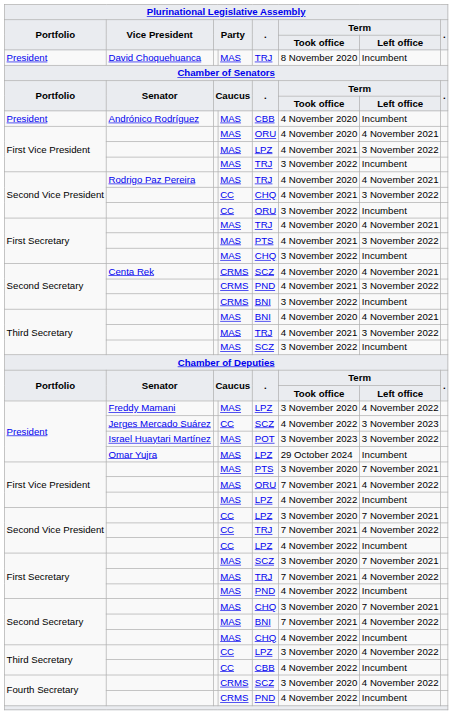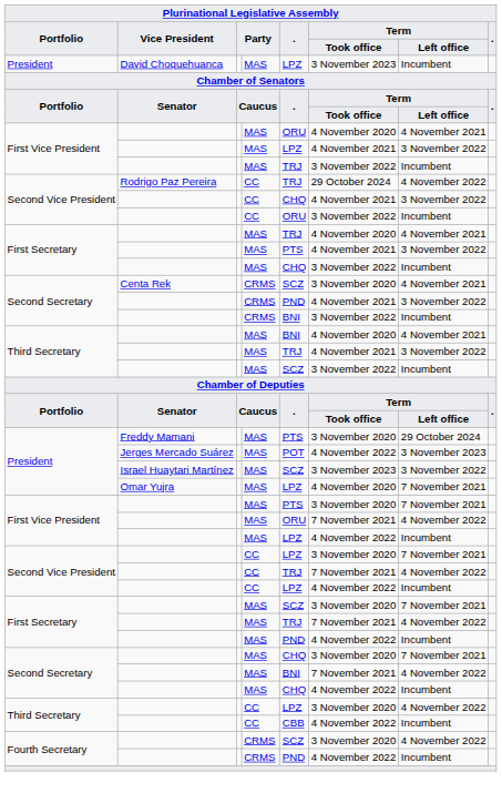 <table class="wikitable" style="font-size: 90%;">
 <tr>
 <th colspan="8" style="background-color:#EAECF0;"><a href='#'>Plurinational Legislative Assembly</a></th>
 </tr>
 <tr>
 <th rowspan="2" style="background-color:#EAECF0;">Portfolio</th>
 <th rowspan="2" style="background-color:#EAECF0;">Vice President</th>
 <th colspan="2" rowspan="2" style="background-color:#EAECF0;">Party</th>
 <th rowspan="2" style="background-color:#EAECF0;">.</th>
 <th colspan="2" style="background-color:#EAECF0;">Term</th>
 <th rowspan="2" style="background-color:#EAECF0;">.</th>
 </tr>
 <tr>
 <th style="background-color:#EAECF0;">Took office</th>
 <th style="background-color:#EAECF0;">Left office</th>
 </tr>
 <tr>
 <td><a href='#'>President</a></td>
 <td><a href='#'>David Choquehuanca</a></td>
 <td style="background-color:"></td>
 <td><a href='#'>MAS</a></td>
-<td><a href='#'>TRJ</a></td>
-<td>8 November 2020</td>
+<td><a href='#'>LPZ</a></td>
+<td>3 November 2023</td>
 <td>Incumbent</td>
 <td></td>
 </tr>
 <tr>
 <th colspan="8" style="background-color:#EAECF0;"><a href='#'>Chamber of Senators</a></th>
 </tr>
 <tr>
 <th rowspan="2" style="background-color:#EAECF0;">Portfolio</th>
 <th rowspan="2" style="background-color:#EAECF0;">Senator</th>
 <th colspan="2" rowspan="2" style="background-color:#EAECF0;">Caucus</th>
 <th rowspan="2" style="background-color:#EAECF0;">.</th>
 <th colspan="2" style="background-color:#EAECF0;">Term</th>
 <th rowspan="2" style="background-color:#EAECF0;">.</th>
 </tr>
 <tr>
 <th style="background-color:#EAECF0;">Took office</th>
 <th style="background-color:#EAECF0;">Left office</th>
-</tr>
-<tr>
-<td><a href='#'>President</a></td>
-<td><a href='#'>Andrónico Rodríguez</a></td>
-<td style="background-color:"></td>
-<td><a href='#'>MAS</a></td>
-<td><a href='#'>CBB</a></td>
-<td>4 November 2020</td>
-<td>Incumbent</td>
-<td></td>
 </tr>
 <tr>
 <td rowspan="3">First Vice President</td>
 <td></td>
 <td style="background-color:"></td>
 <td><a href='#'>MAS</a></td>
 <td><a href='#'>ORU</a></td>
 <td>4 November 2020</td>
 <td>4 November 2021</td>
 <td></td>
 </tr>
 <tr>
 <td></td>
 <td style="background-color:"></td>
 <td><a href='#'>MAS</a></td>
 <td><a href='#'>LPZ</a></td>
 <td>4 November 2021</td>
 <td>3 November 2022</td>
 <td></td>
 </tr>
 <tr>
 <td></td>
 <td style="background-color:"></td>
 <td><a href='#'>MAS</a></td>
 <td><a href='#'>TRJ</a></td>
 <td>3 November 2022</td>
 <td>Incumbent</td>
 <td></td>
 </tr>
 <tr>
 <td rowspan="3">Second Vice President</td>
 <td><a href='#'>Rodrigo Paz Pereira</a></td>
 <td style="background-color:"></td>
-<td><a href='#'>MAS</a></td>
+<td><a href='#'>CC</a></td>
 <td><a href='#'>TRJ</a></td>
-<td>4 November 2020</td>
-<td>4 November 2021</td>
+<td>29 October 2024</td>
+<td>4 November 2022</td>
 <td></td>
 </tr>
 <tr>
 <td></td>
 <td style="background-color:"></td>
 <td><a href='#'>CC</a></td>
 <td><a href='#'>CHQ</a></td>
 <td>4 November 2021</td>
 <td>3 November 2022</td>
 <td></td>
 </tr>
 <tr>
 <td></td>
 <td style="background-color:"></td>
 <td><a href='#'>CC</a></td>
 <td><a href='#'>ORU</a></td>
 <td>3 November 2022</td>
 <td>Incumbent</td>
 <td></td>
 </tr>
 <tr>
 <td rowspan="3">First Secretary</td>
 <td></td>
 <td style="background-color:"></td>
 <td><a href='#'>MAS</a></td>
 <td><a href='#'>TRJ</a></td>
 <td>4 November 2020</td>
 <td>4 November 2021</td>
 <td></td>
 </tr>
 <tr>
 <td></td>
 <td style="background-color:"></td>
 <td><a href='#'>MAS</a></td>
 <td><a href='#'>PTS</a></td>
 <td>4 November 2021</td>
 <td>3 November 2022</td>
 <td></td>
 </tr>
 <tr>
 <td></td>
 <td style="background-color:"></td>
 <td><a href='#'>MAS</a></td>
 <td><a href='#'>CHQ</a></td>
 <td>3 November 2022</td>
 <td>Incumbent</td>
 <td></td>
 </tr>
 <tr>
 <td rowspan="3">Second Secretary</td>
 <td><a href='#'>Centa Rek</a></td>
 <td style="background-color:"></td>
 <td><a href='#'>CRMS</a></td>
 <td><a href='#'>SCZ</a></td>
-<td>4 November 2020</td>
+<td>3 November 2020</td>
 <td>4 November 2021</td>
 <td></td>
 </tr>
 <tr>
 <td></td>
 <td style="background-color:"></td>
 <td><a href='#'>CRMS</a></td>
 <td><a href='#'>PND</a></td>
 <td>4 November 2021</td>
 <td>3 November 2022</td>
 <td></td>
 </tr>
 <tr>
 <td></td>
 <td style="background-color:"></td>
 <td><a href='#'>CRMS</a></td>
 <td><a href='#'>BNI</a></td>
 <td>3 November 2022</td>
 <td>Incumbent</td>
 <td></td>
 </tr>
 <tr>
 <td rowspan="3">Third Secretary</td>
 <td></td>
 <td style="background-color:"></td>
 <td><a href='#'>MAS</a></td>
 <td><a href='#'>BNI</a></td>
 <td>4 November 2020</td>
 <td>4 November 2021</td>
 <td></td>
 </tr>
 <tr>
 <td></td>
 <td style="background-color:"></td>
 <td><a href='#'>MAS</a></td>
 <td><a href='#'>TRJ</a></td>
 <td>4 November 2021</td>
 <td>3 November 2022</td>
 <td></td>
 </tr>
 <tr>
 <td></td>
 <td style="background-color:"></td>
 <td><a href='#'>MAS</a></td>
 <td><a href='#'>SCZ</a></td>
 <td>3 November 2022</td>
 <td>Incumbent</td>
 <td></td>
 </tr>
 <tr>
 <th colspan="8" style="background-color:#EAECF0;"><a href='#'>Chamber of Deputies</a></th>
 </tr>
 <tr>
 <th rowspan="2" style="background-color:#EAECF0;">Portfolio</th>
 <th rowspan="2" style="background-color:#EAECF0;">Senator</th>
 <th colspan="2" rowspan="2" style="background-color:#EAECF0;">Caucus</th>
 <th rowspan="2" style="background-color:#EAECF0;">.</th>
 <th colspan="2" style="background-color:#EAECF0;">Term</th>
 <th rowspan="2" style="background-color:#EAECF0;">.</th>
 </tr>
 <tr>
 <th style="background-color:#EAECF0;">Took office</th>
 <th style="background-color:#EAECF0;">Left office</th>
 </tr>
 <tr>
 <td rowspan="4"><a href='#'>President</a></td>
 <td><a href='#'>Freddy Mamani</a></td>
 <td style="background-color:"></td>
 <td><a href='#'>MAS</a></td>
-<td><a href='#'>LPZ</a></td>
+<td><a href='#'>PTS</a></td>
 <td>3 November 2020</td>
-<td>4 November 2022</td>
+<td>29 October 2024</td>
 <td></td>
 </tr>
 <tr>
 <td><a href='#'>Jerges Mercado Suárez</a></td>
 <td style="background-color:"></td>
-<td><a href='#'>CC</a></td>
-<td><a href='#'>SCZ</a></td>
+<td><a href='#'>MAS</a></td>
+<td><a href='#'>POT</a></td>
 <td>4 November 2022</td>
 <td>3 November 2023</td>
 <td></td>
 </tr>
 <tr>
 <td><a href='#'>Israel Huaytari Martínez</a></td>
 <td style="background-color:"></td>
 <td><a href='#'>MAS</a></td>
-<td><a href='#'>POT</a></td>
+<td><a href='#'>SCZ</a></td>
 <td>3 November 2023</td>
 <td>3 November 2022</td>
 <td></td>
 </tr>
 <tr>
 <td><a href='#'>Omar Yujra</a></td>
 <td style="background-color:"></td>
 <td><a href='#'>MAS</a></td>
 <td><a href='#'>LPZ</a></td>
-<td>29 October 2024</td>
-<td>Incumbent</td>
+<td>4 November 2020</td>
+<td>7 November 2021</td>
 <td></td>
 </tr>
 <tr>
 <td rowspan="3">First Vice President</td>
 <td></td>
 <td style="background-color:"></td>
 <td><a href='#'>MAS</a></td>
 <td><a href='#'>PTS</a></td>
 <td>3 November 2020</td>
 <td>7 November 2021</td>
 <td></td>
 </tr>
 <tr>
 <td></td>
 <td style="background-color:"></td>
 <td><a href='#'>MAS</a></td>
 <td><a href='#'>ORU</a></td>
 <td>7 November 2021</td>
 <td>4 November 2022</td>
 <td></td>
 </tr>
 <tr>
 <td></td>
 <td style="background-color:"></td>
 <td><a href='#'>MAS</a></td>
 <td><a href='#'>LPZ</a></td>
 <td>4 November 2022</td>
 <td>Incumbent</td>
 <td></td>
 </tr>
 <tr>
 <td rowspan="3">Second Vice President</td>
 <td></td>
 <td style="background-color:"></td>
 <td><a href='#'>CC</a></td>
 <td><a href='#'>LPZ</a></td>
 <td>3 November 2020</td>
 <td>7 November 2021</td>
 <td></td>
 </tr>
 <tr>
 <td></td>
 <td style="background-color:"></td>
 <td><a href='#'>CC</a></td>
 <td><a href='#'>TRJ</a></td>
 <td>7 November 2021</td>
 <td>4 November 2022</td>
 <td></td>
 </tr>
 <tr>
 <td></td>
 <td style="background-color:"></td>
 <td><a href='#'>CC</a></td>
 <td><a href='#'>LPZ</a></td>
 <td>4 November 2022</td>
 <td>Incumbent</td>
 <td></td>
 </tr>
 <tr>
 <td rowspan="3">First Secretary</td>
 <td></td>
 <td style="background-color:"></td>
 <td><a href='#'>MAS</a></td>
 <td><a href='#'>SCZ</a></td>
 <td>3 November 2020</td>
 <td>7 November 2021</td>
 <td></td>
 </tr>
 <tr>
 <td></td>
 <td style="background-color:"></td>
 <td><a href='#'>MAS</a></td>
 <td><a href='#'>TRJ</a></td>
 <td>7 November 2021</td>
 <td>4 November 2022</td>
 <td></td>
 </tr>
 <tr>
 <td></td>
 <td style="background-color:"></td>
 <td><a href='#'>MAS</a></td>
 <td><a href='#'>PND</a></td>
 <td>4 November 2022</td>
 <td>Incumbent</td>
 <td></td>
 </tr>
 <tr>
 <td rowspan="3">Second Secretary</td>
 <td></td>
 <td style="background-color:"></td>
 <td><a href='#'>MAS</a></td>
 <td><a href='#'>CHQ</a></td>
 <td>3 November 2020</td>
 <td>7 November 2021</td>
 <td></td>
 </tr>
 <tr>
 <td></td>
 <td style="background-color:"></td>
 <td><a href='#'>MAS</a></td>
 <td><a href='#'>BNI</a></td>
 <td>7 November 2021</td>
 <td>4 November 2022</td>
 <td></td>
 </tr>
 <tr>
 <td></td>
 <td style="background-color:"></td>
 <td><a href='#'>MAS</a></td>
 <td><a href='#'>CHQ</a></td>
 <td>4 November 2022</td>
 <td>Incumbent</td>
 <td></td>
 </tr>
 <tr>
 <td rowspan="2">Third Secretary</td>
 <td></td>
 <td style="background-color:"></td>
 <td><a href='#'>CC</a></td>
 <td><a href='#'>LPZ</a></td>
 <td>3 November 2020</td>
 <td>4 November 2022</td>
 <td></td>
 </tr>
 <tr>
 <td></td>
 <td style="background-color:"></td>
 <td><a href='#'>CC</a></td>
 <td><a href='#'>CBB</a></td>
 <td>4 November 2022</td>
 <td>Incumbent</td>
 <td></td>
 </tr>
 <tr>
 <td rowspan="2">Fourth Secretary</td>
 <td></td>
 <td style="background-color:"></td>
 <td><a href='#'>CRMS</a></td>
 <td><a href='#'>SCZ</a></td>
 <td>3 November 2020</td>
 <td>4 November 2022</td>
 <td></td>
 </tr>
 <tr>
 <td></td>
 <td style="background-color:"></td>
 <td><a href='#'>CRMS</a></td>
 <td><a href='#'>PND</a></td>
 <td>4 November 2022</td>
 <td>Incumbent</td>
 <td></td>
 </tr>
 <tr>
 <th colspan="8" style="background-color:#EAECF0;"></th>
 </tr>
 </table>
